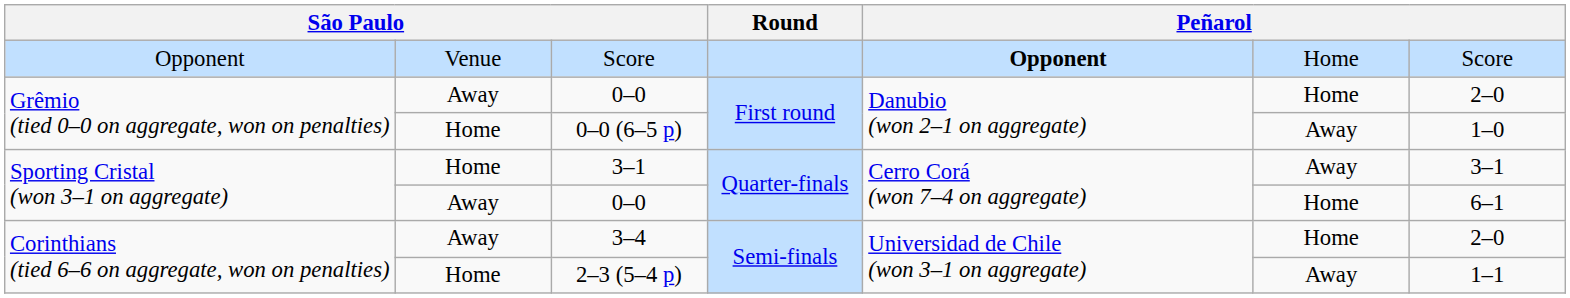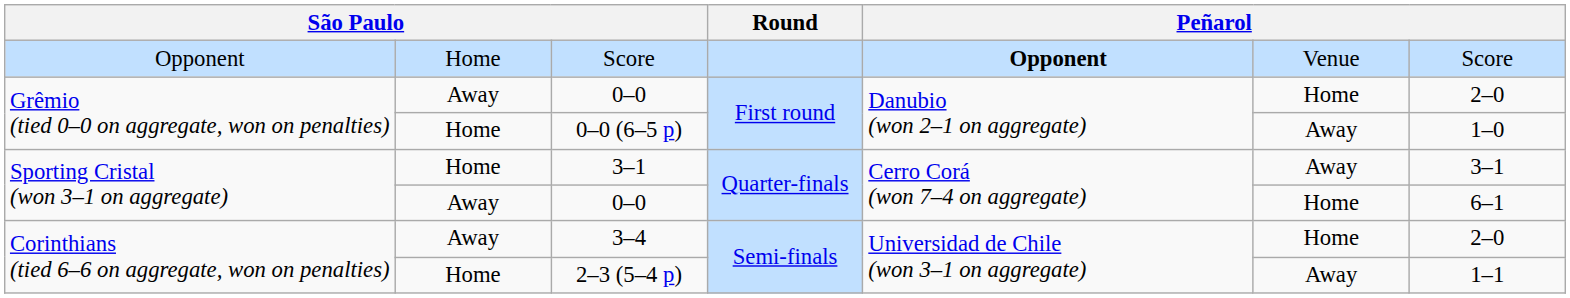 <table class="wikitable" style="text-align: center;">
 <tr>
 <th colspan=3> <a href='#'>São Paulo</a></th>
 <th>Round</th>
 <th colspan=3> <a href='#'>Peñarol</a></th>
 </tr>
 <tr bgcolor=#c1e0ff>
 <td width=25%>Opponent</td>
-<td width=10%>Venue</td>
+<td>Home</td>
 <td width=10%>Score</td>
 <td width=10%></td>
 <td width=25%><strong>Opponent</strong></td>
-<td>Home</td>
+<td width=10%>Venue</td>
 <td width=10%>Score</td>
 </tr>
 <tr>
 <td rowspan=2 align=left> <a href='#'>Grêmio</a><br><em>(tied 0–0 on aggregate, won on penalties)</em></td>
 <td>Away</td>
 <td>0–0</td>
 <td rowspan=2 bgcolor=#c1e0ff><a href='#'>First round</a></td>
 <td rowspan=2 align=left> <a href='#'>Danubio</a><br><em>(won 2–1 on aggregate)</em></td>
 <td>Home</td>
 <td>2–0</td>
 </tr>
 <tr>
 <td>Home</td>
 <td>0–0 (6–5 <a href='#'>p</a>)</td>
 <td>Away</td>
 <td>1–0</td>
 </tr>
 <tr>
 <td rowspan=2 align=left> <a href='#'>Sporting Cristal</a><br><em>(won 3–1 on aggregate)</em></td>
 <td>Home</td>
 <td>3–1</td>
 <td rowspan=2 bgcolor=#c1e0ff><a href='#'>Quarter-finals</a></td>
 <td rowspan=2 align=left> <a href='#'>Cerro Corá</a><br><em>(won 7–4 on aggregate)</em></td>
 <td>Away</td>
 <td>3–1</td>
 </tr>
 <tr>
 <td>Away</td>
 <td>0–0</td>
 <td>Home</td>
 <td>6–1</td>
 </tr>
 <tr>
 <td rowspan=2 align=left> <a href='#'>Corinthians</a><br><em>(tied 6–6 on aggregate, won on penalties)</em></td>
 <td>Away</td>
 <td>3–4</td>
 <td rowspan=2 bgcolor=#c1e0ff><a href='#'>Semi-finals</a></td>
 <td rowspan=2 align=left> <a href='#'>Universidad de Chile</a><br><em>(won 3–1 on aggregate)</em></td>
 <td>Home</td>
 <td>2–0</td>
 </tr>
 <tr>
 <td>Home</td>
 <td>2–3 (5–4 <a href='#'>p</a>)</td>
 <td>Away</td>
 <td>1–1</td>
 </tr>
 </table>
